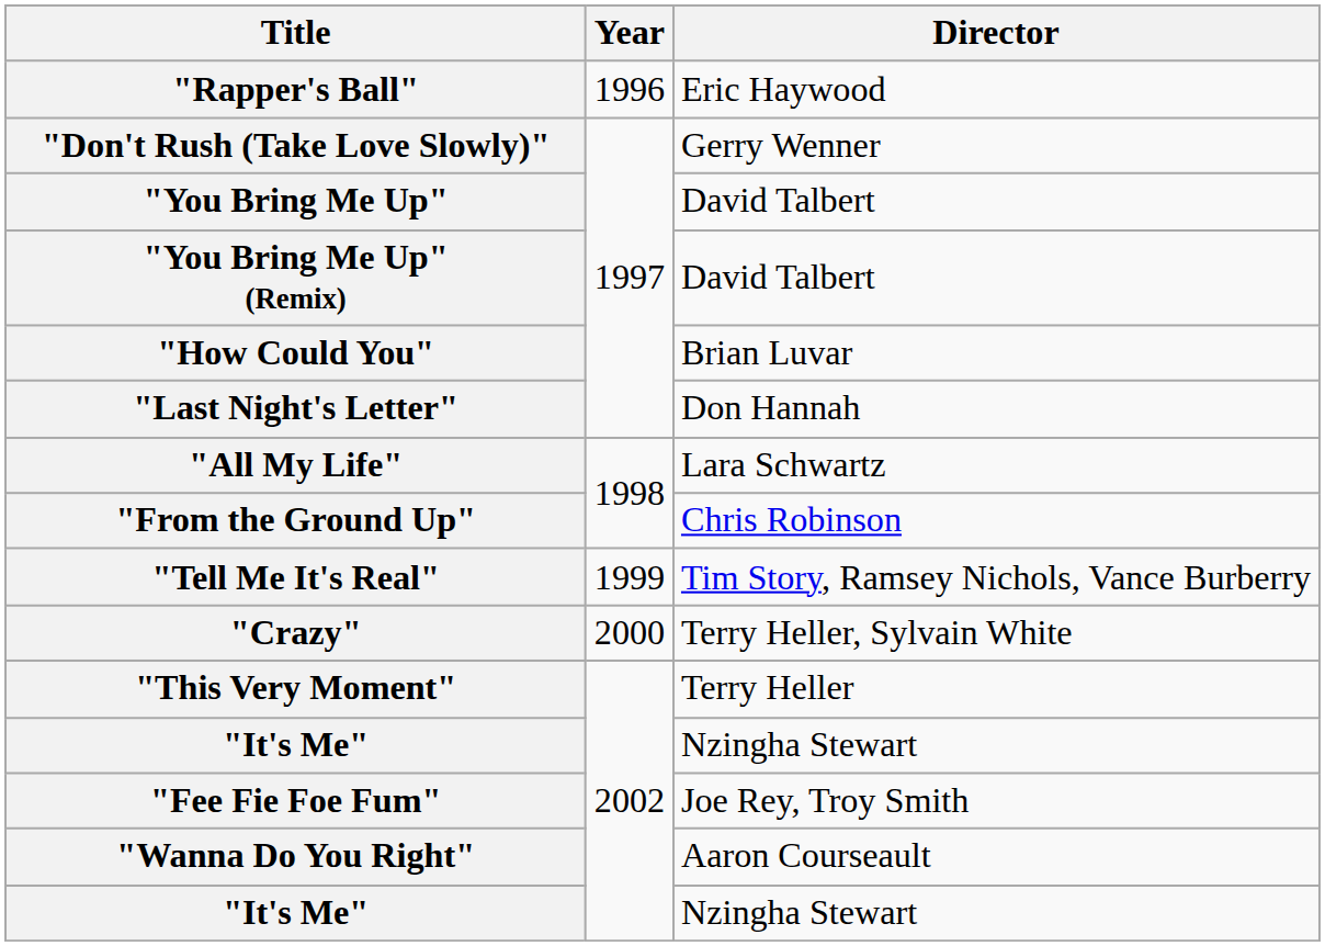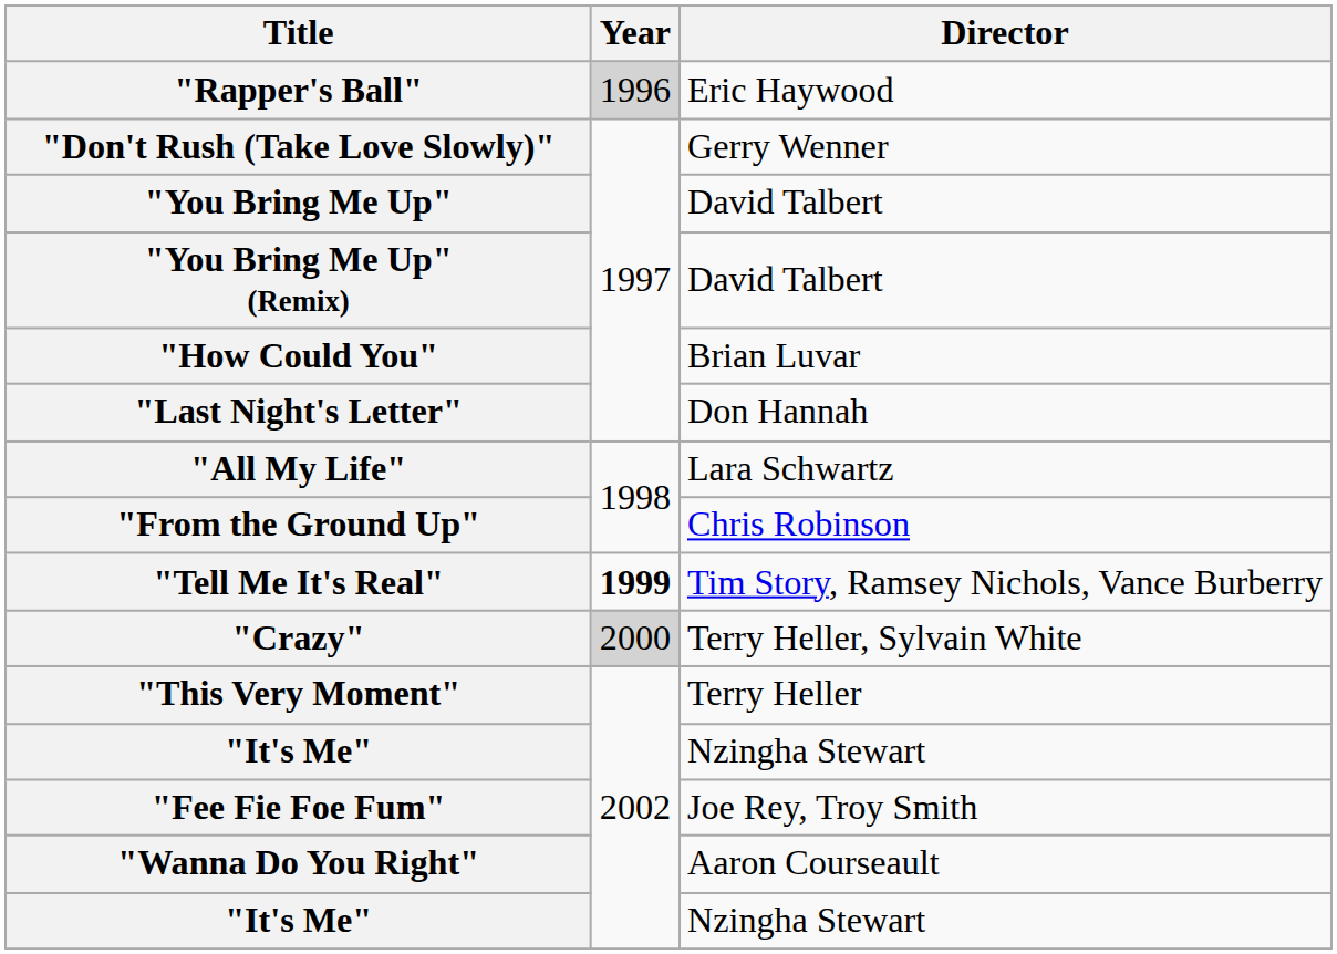 <table class="wikitable plainrowheaders" style="text-align:center;">
 <tr>
 <th scope="col" style="width:16em;">Title</th>
 <th scope="col">Year</th>
 <th scope="col">Director</th>
 </tr>
 <tr>
 <th scope="row">"Rapper's Ball"</th>
-<td>1996</td>
+<td style="background: lightgrey;">1996</td>
 <td style="text-align:left;">Eric Haywood</td>
 </tr>
 <tr>
 <th scope="row">"Don't Rush (Take Love Slowly)"</th>
 <td rowspan="5">1997</td>
 <td style="text-align:left;">Gerry Wenner</td>
 </tr>
 <tr>
 <th scope="row">"You Bring Me Up"</th>
 <td style="text-align:left;">David Talbert</td>
 </tr>
 <tr>
 <th scope="row">"You Bring Me Up"<br><small>(Remix)</small></th>
 <td style="text-align:left;">David Talbert</td>
 </tr>
 <tr>
 <th scope="row">"How Could You"</th>
 <td style="text-align:left;">Brian Luvar</td>
 </tr>
 <tr>
 <th scope="row">"Last Night's Letter"</th>
 <td style="text-align:left;">Don Hannah</td>
 </tr>
 <tr>
 <th scope="row">"All My Life"</th>
 <td rowspan="2">1998</td>
 <td style="text-align:left;">Lara Schwartz</td>
 </tr>
 <tr>
 <th scope="row">"From the Ground Up"</th>
 <td style="text-align:left;"><a href='#'>Chris Robinson</a></td>
 </tr>
 <tr>
 <th scope="row">"Tell Me It's Real"</th>
-<td>1999</td>
+<td><strong>1999</strong></td>
 <td style="text-align:left;"><a href='#'>Tim Story</a>, Ramsey Nichols, Vance Burberry</td>
 </tr>
 <tr>
 <th scope="row">"Crazy"</th>
-<td>2000</td>
+<td style="background: lightgrey;">2000</td>
 <td style="text-align:left;">Terry Heller, Sylvain White</td>
 </tr>
 <tr>
 <th scope="row">"This Very Moment"</th>
 <td rowspan="5">2002</td>
 <td style="text-align:left;">Terry Heller</td>
 </tr>
 <tr>
 <th scope="row">"It's Me"</th>
 <td style="text-align:left;">Nzingha Stewart</td>
 </tr>
 <tr>
 <th scope="row">"Fee Fie Foe Fum"</th>
 <td style="text-align:left;">Joe Rey, Troy Smith</td>
 </tr>
 <tr>
 <th scope="row">"Wanna Do You Right"</th>
 <td style="text-align:left;">Aaron Courseault</td>
 </tr>
 <tr>
 <th scope="row">"It's Me"</th>
 <td style="text-align:left;">Nzingha Stewart</td>
 </tr>
 </table>
